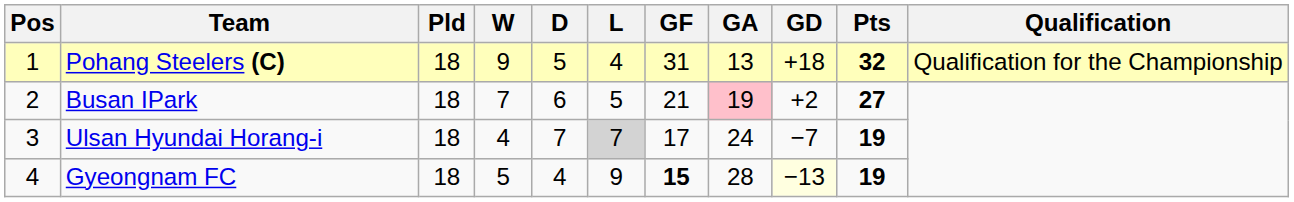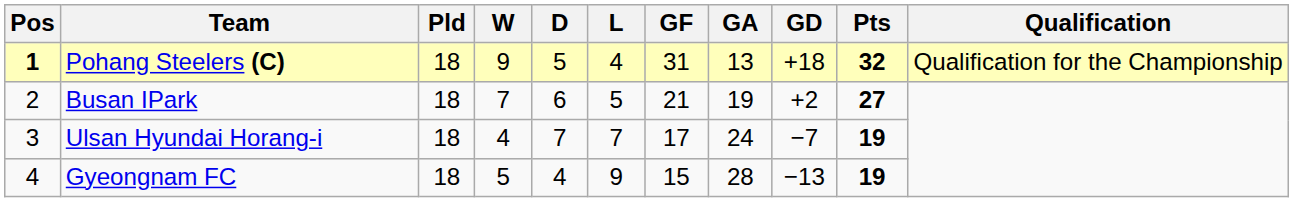 <table class="wikitable" style="text-align:center;">
 <tr>
 <th width=20>Pos</th>
 <th width=230>Team</th>
 <th width=30 abbr="Played">Pld</th>
 <th width=30 abbr="Won">W</th>
 <th width=30 abbr="Draw">D</th>
 <th width=30 abbr="Lost">L</th>
 <th width=35 abbr="Goals for">GF</th>
 <th width=35 abbr="Goals against">GA</th>
 <th width=35 abbr="Goal difference">GD</th>
 <th width=40 abbr="Points">Pts</th>
 <th>Qualification</th>
 </tr>
 <tr bgcolor=#ffffbb>
-<td>1</td>
+<td><strong>1</strong></td>
 <td align="left"><a href='#'>Pohang Steelers</a> <strong>(C)</strong></td>
 <td>18</td>
 <td>9</td>
 <td>5</td>
 <td>4</td>
 <td>31</td>
 <td>13</td>
 <td>+18</td>
 <td><strong>32</strong></td>
 <td>Qualification for the Championship</td>
 </tr>
 <tr>
 <td>2</td>
 <td align="left"><a href='#'>Busan IPark</a></td>
 <td>18</td>
 <td>7</td>
 <td>6</td>
 <td>5</td>
 <td>21</td>
-<td style="background: pink;">19</td>
+<td>19</td>
 <td>+2</td>
 <td><strong>27</strong></td>
 <td rowspan=3></td>
 </tr>
 <tr>
 <td>3</td>
 <td align="left"><a href='#'>Ulsan Hyundai Horang-i</a></td>
 <td>18</td>
 <td>4</td>
 <td>7</td>
-<td style="background: lightgrey;">7</td>
+<td>7</td>
 <td>17</td>
 <td>24</td>
 <td>−7</td>
 <td><strong>19</strong></td>
 </tr>
 <tr>
 <td>4</td>
 <td align="left"><a href='#'>Gyeongnam FC</a></td>
 <td>18</td>
 <td>5</td>
 <td>4</td>
 <td>9</td>
-<td><strong>15</strong></td>
+<td>15</td>
 <td>28</td>
-<td style="background: lightyellow;">−13</td>
+<td>−13</td>
 <td><strong>19</strong></td>
 </tr>
 </table>
